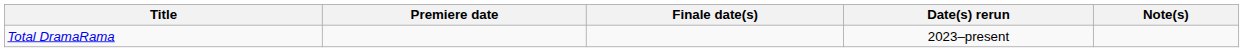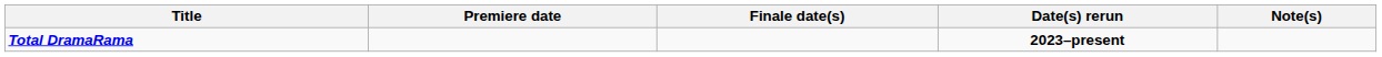 <table class="wikitable plainrowheaders sortable" style="width:75%;text-align:center;">
 <tr>
 <th>Title</th>
 <th>Premiere date</th>
 <th>Finale date(s)</th>
 <th>Date(s) rerun</th>
 <th>Note(s)</th>
 </tr>
 <tr>
-<td scope="row" style="text-align:left;"><em><a href='#'>Total DramaRama</a></em></td>
+<td scope="row" style="text-align:left;"><strong><em><a href='#'>Total DramaRama</a></em></strong></td>
 <td></td>
 <td></td>
-<td>2023–present</td>
+<td><strong>2023–present</strong></td>
 <td></td>
 </tr>
 </table>
